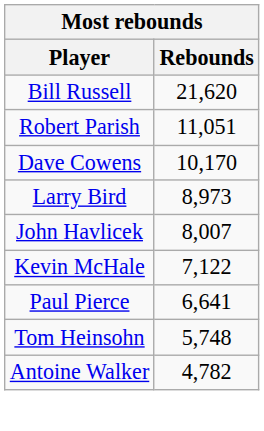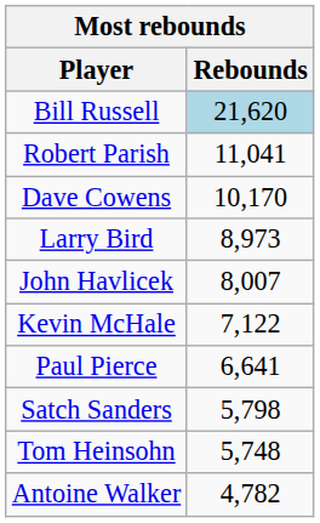 <table class="wikitable sortable" style="text-align:center">
 <tr>
 <th colspan="2" style="text-align:center; ">Most rebounds</th>
 </tr>
 <tr>
 <th style="text-align:center; ">Player</th>
 <th style="text-align:center; ">Rebounds</th>
 </tr>
 <tr>
 <td><a href='#'>Bill Russell</a></td>
-<td>21,620</td>
+<td style="background: lightblue;">21,620</td>
 </tr>
 <tr>
 <td><a href='#'>Robert Parish</a></td>
-<td>11,051</td>
+<td>11,041</td>
 </tr>
 <tr>
 <td><a href='#'>Dave Cowens</a></td>
 <td>10,170</td>
 </tr>
 <tr>
 <td><a href='#'>Larry Bird</a></td>
 <td>8,973</td>
 </tr>
 <tr>
 <td><a href='#'>John Havlicek</a></td>
 <td>8,007</td>
 </tr>
 <tr>
 <td><a href='#'>Kevin McHale</a></td>
 <td>7,122</td>
 </tr>
 <tr>
 <td><a href='#'>Paul Pierce</a></td>
 <td>6,641</td>
 </tr>
 <tr>
+<td><a href='#'>Satch Sanders</a></td>
+<td>5,798</td>
+</tr>
+<tr>
 <td><a href='#'>Tom Heinsohn</a></td>
 <td>5,748</td>
 </tr>
 <tr>
 <td><a href='#'>Antoine Walker</a></td>
 <td>4,782</td>
 </tr>
 </table>
